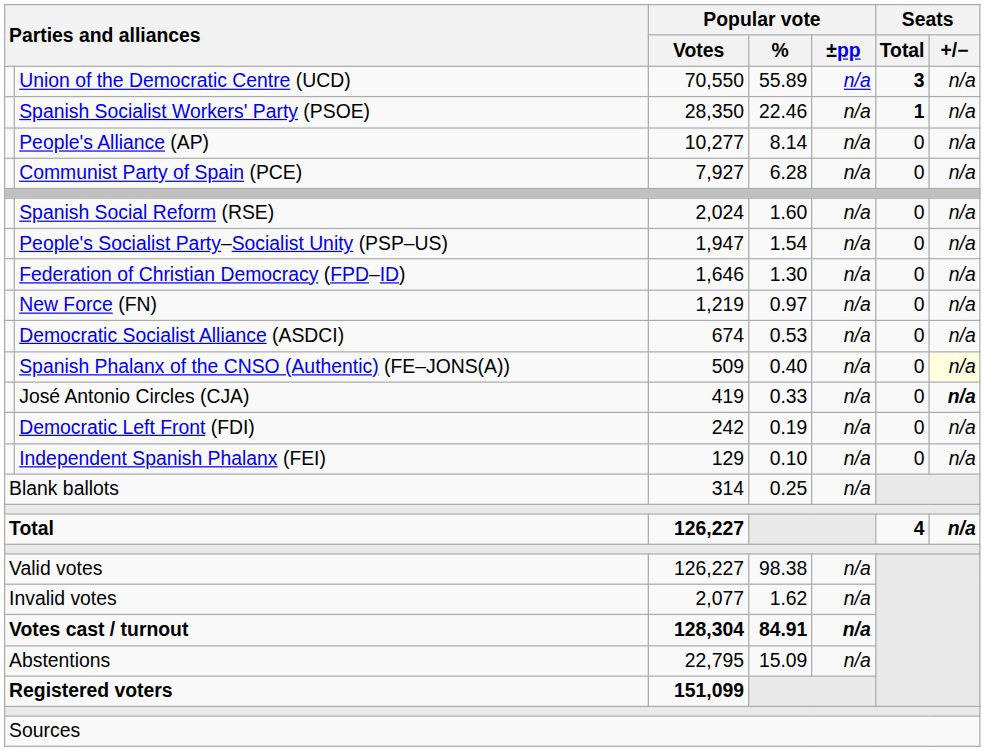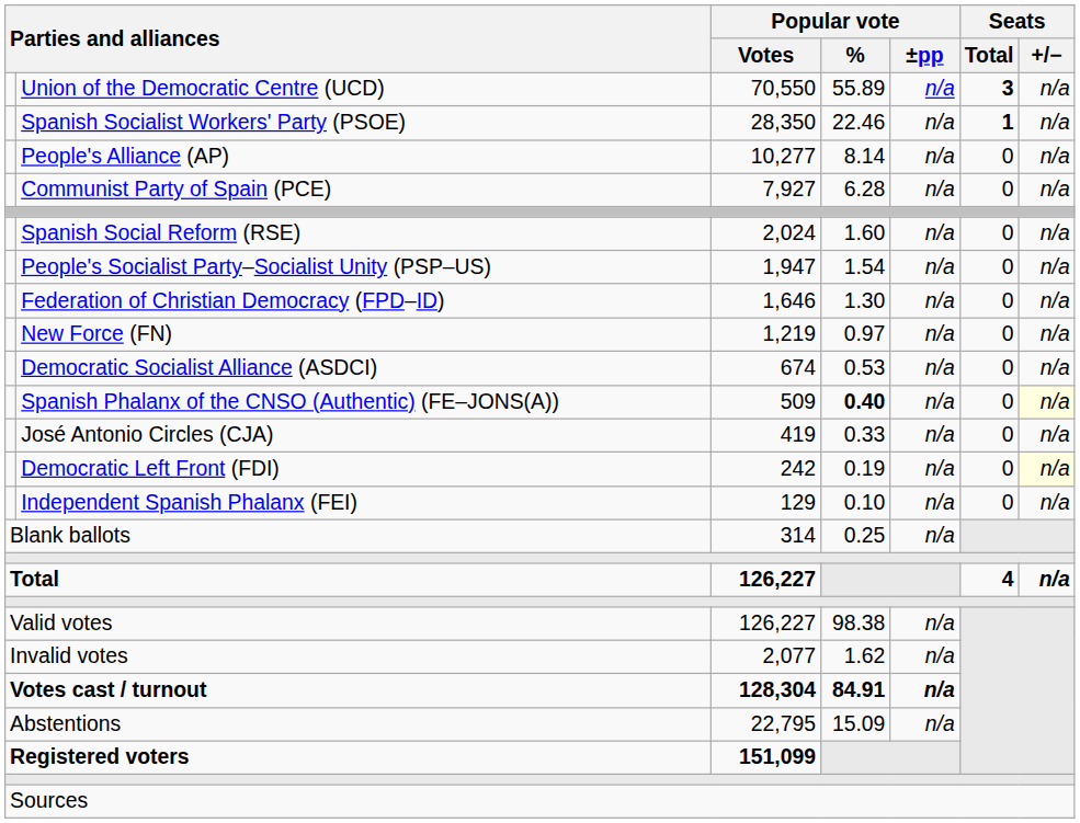 <table class="wikitable" style="text-align:right;">
 <tr>
 <th style="text-align:left;" rowspan="2" colspan="2" width="525">Parties and alliances</th>
 <th colspan="3">Popular vote</th>
 <th colspan="2">Seats</th>
 </tr>
 <tr>
 <th width="75">Votes</th>
 <th width="45">%</th>
 <th width="45">±<a href='#'>pp</a></th>
 <th width="35">Total</th>
 <th width="35">+/−</th>
 </tr>
 <tr>
 <td width="1" style="color:inherit;background:"></td>
 <td align="left"><a href='#'>Union of the Democratic Centre</a> (UCD)</td>
 <td>70,550</td>
 <td>55.89</td>
 <td><em><a href='#'>n/a</a></em></td>
 <td><strong>3</strong></td>
 <td><em>n/a</em></td>
 </tr>
 <tr>
 <td style="color:inherit;background:"></td>
 <td align="left"><a href='#'>Spanish Socialist Workers' Party</a> (PSOE)</td>
 <td>28,350</td>
 <td>22.46</td>
 <td><em>n/a</em></td>
 <td><strong>1</strong></td>
 <td><em>n/a</em></td>
 </tr>
 <tr>
 <td style="color:inherit;background:"></td>
 <td align="left"><a href='#'>People's Alliance</a> (AP)</td>
 <td>10,277</td>
 <td>8.14</td>
 <td><em>n/a</em></td>
 <td>0</td>
 <td><em>n/a</em></td>
 </tr>
 <tr>
 <td style="color:inherit;background:"></td>
 <td align="left"><a href='#'>Communist Party of Spain</a> (PCE)</td>
 <td>7,927</td>
 <td>6.28</td>
 <td><em>n/a</em></td>
 <td>0</td>
 <td><em>n/a</em></td>
 </tr>
 <tr>
 <td colspan="7" bgcolor="#C0C0C0"></td>
 </tr>
 <tr>
 <td style="color:inherit;background:"></td>
 <td align="left"><a href='#'>Spanish Social Reform</a> (RSE)</td>
 <td>2,024</td>
 <td>1.60</td>
 <td><em>n/a</em></td>
 <td>0</td>
 <td><em>n/a</em></td>
 </tr>
 <tr>
 <td style="color:inherit;background:"></td>
 <td align="left"><a href='#'>People's Socialist Party</a>–<a href='#'>Socialist Unity</a> (PSP–US)</td>
 <td>1,947</td>
 <td>1.54</td>
 <td><em>n/a</em></td>
 <td>0</td>
 <td><em>n/a</em></td>
 </tr>
 <tr>
 <td style="color:inherit;background:"></td>
 <td align="left"><a href='#'>Federation of Christian Democracy</a> (<a href='#'>FPD</a>–<a href='#'>ID</a>)</td>
 <td>1,646</td>
 <td>1.30</td>
 <td><em>n/a</em></td>
 <td>0</td>
 <td><em>n/a</em></td>
 </tr>
 <tr>
 <td style="color:inherit;background:"></td>
 <td align="left"><a href='#'>New Force</a> (FN)</td>
 <td>1,219</td>
 <td>0.97</td>
 <td><em>n/a</em></td>
 <td>0</td>
 <td><em>n/a</em></td>
 </tr>
 <tr>
 <td style="color:inherit;background:"></td>
 <td align="left"><a href='#'>Democratic Socialist Alliance</a> (ASDCI)</td>
 <td>674</td>
 <td>0.53</td>
 <td><em>n/a</em></td>
 <td>0</td>
 <td><em>n/a</em></td>
 </tr>
 <tr>
 <td style="color:inherit;background:"></td>
 <td align="left"><a href='#'>Spanish Phalanx of the CNSO (Authentic)</a> (FE–JONS(A))</td>
 <td>509</td>
-<td>0.40</td>
+<td><strong>0.40</strong></td>
 <td><em>n/a</em></td>
 <td>0</td>
 <td style="background: lightyellow;"><em>n/a</em></td>
 </tr>
 <tr>
 <td style="color:inherit;background:"></td>
 <td align="left">José Antonio Circles (CJA)</td>
 <td>419</td>
 <td>0.33</td>
 <td><em>n/a</em></td>
 <td>0</td>
-<td><strong><em>n/a</em></strong></td>
+<td><em>n/a</em></td>
 </tr>
 <tr>
 <td style="color:inherit;background:"></td>
 <td align="left"><a href='#'>Democratic Left Front</a> (FDI)</td>
 <td>242</td>
 <td>0.19</td>
 <td><em>n/a</em></td>
 <td>0</td>
-<td><em>n/a</em></td>
+<td style="background: lightyellow;"><em>n/a</em></td>
 </tr>
 <tr>
 <td style="color:inherit;background:"></td>
 <td align="left"><a href='#'>Independent Spanish Phalanx</a> (FEI)</td>
 <td>129</td>
 <td>0.10</td>
 <td><em>n/a</em></td>
 <td>0</td>
 <td><em>n/a</em></td>
 </tr>
 <tr>
 <td align="left" colspan="2">Blank ballots</td>
 <td>314</td>
 <td>0.25</td>
 <td><em>n/a</em></td>
 <td bgcolor="#E9E9E9" colspan="2"></td>
 </tr>
 <tr>
 <td colspan="7" bgcolor="#E9E9E9"></td>
 </tr>
 <tr style="font-weight:bold;">
 <td align="left" colspan="2">Total</td>
 <td>126,227</td>
 <td bgcolor="#E9E9E9" colspan="2"></td>
 <td>4</td>
 <td><em>n/a</em></td>
 </tr>
 <tr>
 <td colspan="7" bgcolor="#E9E9E9"></td>
 </tr>
 <tr>
 <td align="left" colspan="2">Valid votes</td>
 <td>126,227</td>
 <td>98.38</td>
 <td><em>n/a</em></td>
 <td bgcolor="#E9E9E9" colspan="2" rowspan="5"></td>
 </tr>
 <tr>
 <td align="left" colspan="2">Invalid votes</td>
 <td>2,077</td>
 <td>1.62</td>
 <td><em>n/a</em></td>
 </tr>
 <tr style="font-weight:bold;">
 <td align="left" colspan="2">Votes cast / turnout</td>
 <td>128,304</td>
 <td>84.91</td>
 <td><em>n/a</em></td>
 </tr>
 <tr>
 <td align="left" colspan="2">Abstentions</td>
 <td>22,795</td>
 <td>15.09</td>
 <td><em>n/a</em></td>
 </tr>
 <tr style="font-weight:bold;">
 <td align="left" colspan="2">Registered voters</td>
 <td>151,099</td>
 <td bgcolor="#E9E9E9" colspan="2"></td>
 </tr>
 <tr>
 <td colspan="7" bgcolor="#E9E9E9"></td>
 </tr>
 <tr>
 <td align="left" colspan="7">Sources</td>
 </tr>
 </table>
